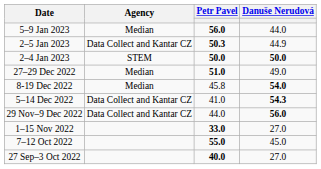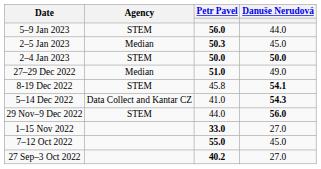 <table class="wikitable" style=text-align:center;font-size:85%;line-height:14px;">
 <tr>
 <th rowspan="2">Date</th>
 <th rowspan="2">Agency</th>
 <th><a href='#'>Petr Pavel</a></th>
 <th><a href='#'>Danuše Nerudová</a></th>
 </tr>
 <tr>
 <th style="background:"></th>
 <th style="background:"></th>
 </tr>
 <tr>
 <td>5–9 Jan 2023</td>
-<td>Median</td>
+<td>STEM</td>
 <td><strong>56.0</strong></td>
 <td>44.0</td>
 </tr>
 <tr>
 <td>2–5 Jan 2023</td>
-<td>Data Collect and Kantar CZ</td>
+<td>Median</td>
 <td><strong>50.3</strong></td>
-<td>44.9</td>
+<td>45.0</td>
 </tr>
 <tr>
 <td>2–4 Jan 2023</td>
 <td>STEM</td>
 <td><strong>50.0</strong></td>
 <td><strong>50.0</strong></td>
 </tr>
 <tr>
 <td>27–29 Dec 2022</td>
 <td>Median</td>
 <td><strong>51.0</strong></td>
 <td>49.0</td>
 </tr>
 <tr>
 <td>8-19 Dec 2022</td>
-<td>Median</td>
+<td>STEM</td>
 <td>45.8</td>
-<td><strong>54.0</strong></td>
+<td><strong>54.1</strong></td>
 </tr>
 <tr>
 <td>5–14 Dec 2022</td>
 <td>Data Collect and Kantar CZ</td>
 <td>41.0</td>
 <td><strong>54.3</strong></td>
 </tr>
 <tr>
 <td>29 Nov–9 Dec 2022</td>
-<td>Data Collect and Kantar CZ</td>
+<td>STEM</td>
 <td>44.0</td>
 <td><strong>56.0</strong></td>
 </tr>
 <tr>
 <td>1–15 Nov 2022</td>
 <td></td>
 <td><strong>33.0</strong></td>
 <td>27.0</td>
 </tr>
 <tr>
 <td>7–12 Oct 2022</td>
 <td></td>
 <td><strong>55.0</strong></td>
 <td>45.0</td>
 </tr>
 <tr>
 <td>27 Sep–3 Oct 2022</td>
 <td></td>
-<td><strong>40.0</strong></td>
+<td><strong>40.2</strong></td>
 <td>27.0</td>
 </tr>
 </table>
